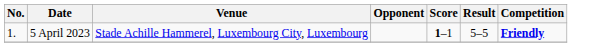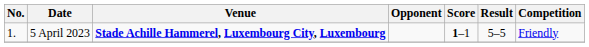 <table class="wikitable">
 <tr>
 <th>No.</th>
 <th>Date</th>
 <th>Venue</th>
 <th>Opponent</th>
 <th>Score</th>
 <th>Result</th>
 <th>Competition</th>
 </tr>
 <tr>
 <td>1.</td>
 <td>5 April 2023</td>
-<td><a href='#'>Stade Achille Hammerel</a>, <a href='#'>Luxembourg City</a>, <a href='#'>Luxembourg</a></td>
+<td><strong><a href='#'>Stade Achille Hammerel</a>, <a href='#'>Luxembourg City</a>, <a href='#'>Luxembourg</a></strong></td>
 <td></td>
 <td align=center><strong>1</strong>–1</td>
 <td align=center>5–5</td>
-<td><strong><a href='#'>Friendly</a></strong></td>
+<td><a href='#'>Friendly</a></td>
 </tr>
 <tr>
 </tr>
 </table>
